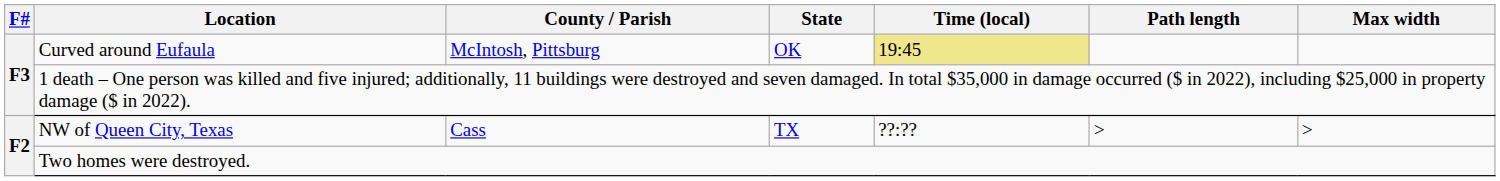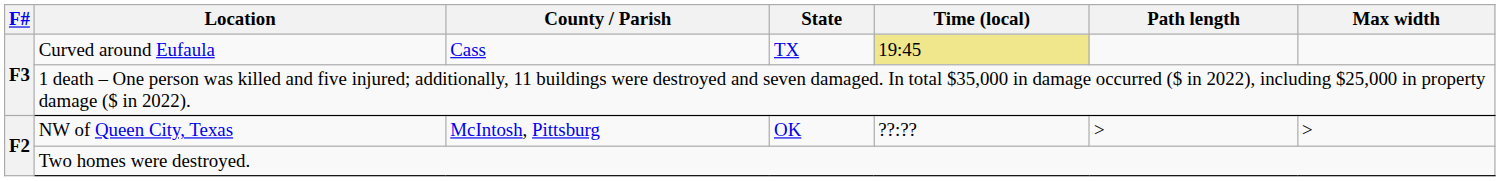 <table class="wikitable sortable" style="width:100%;">
 <tr>
 <th scope="col" align="center"><a href='#'>F#</a><br></th>
 <th scope="col" align="center" class="unsortable">Location</th>
 <th scope="col" align="center" class="unsortable">County / Parish</th>
 <th scope="col" align="center">State</th>
 <th scope="col" align="center">Time (local)</th>
 <th scope="col" align="center">Path length</th>
 <th scope="col" align="center">Max width</th>
 </tr>
 <tr>
 <th scope="row" rowspan="2" style="background-color:#">F3</th>
 <td>Curved around <a href='#'>Eufaula</a></td>
-<td><a href='#'>McIntosh</a>, <a href='#'>Pittsburg</a></td>
-<td><a href='#'>OK</a></td>
+<td><a href='#'>Cass</a></td>
+<td><a href='#'>TX</a></td>
 <td style="background: khaki;">19:45</td>
 <td></td>
 <td></td>
 </tr>
 <tr class="expand-child">
 <td colspan="6" style="border-bottom: 1px solid black;">1 death – One person was killed and five injured; additionally, 11 buildings were destroyed and seven damaged. In total $35,000 in damage occurred ($ in 2022), including $25,000 in property damage ($ in 2022).</td>
 </tr>
 <tr>
 <th scope="row" rowspan="2" style="background-color:#">F2</th>
 <td>NW of <a href='#'>Queen City, Texas</a></td>
-<td><a href='#'>Cass</a></td>
-<td><a href='#'>TX</a></td>
+<td><a href='#'>McIntosh</a>, <a href='#'>Pittsburg</a></td>
+<td><a href='#'>OK</a></td>
 <td>??:??</td>
 <td>></td>
 <td>></td>
 </tr>
 <tr class="expand-child">
 <td colspan="6" style="border-bottom: 1px solid black;">Two homes were destroyed.</td>
 </tr>
 </table>
